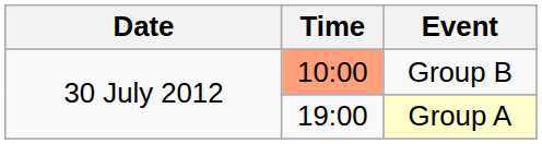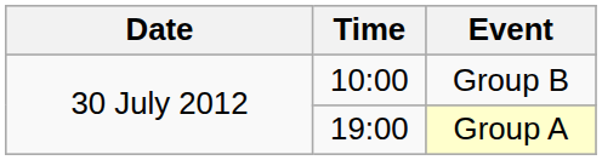 <table class = "wikitable" style="text-align:center;">
 <tr>
 <th width=150>Date</th>
 <th width=50>Time</th>
 <th width=80>Event</th>
 </tr>
 <tr>
 <td rowspan=2>30 July 2012</td>
-<td style="background: lightsalmon;">10:00</td>
+<td>10:00</td>
 <td>Group B</td>
 </tr>
 <tr>
 <td>19:00</td>
 <td bgcolor=ffffcc>Group A</td>
 </tr>
 </table>
